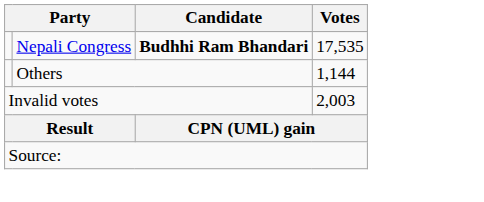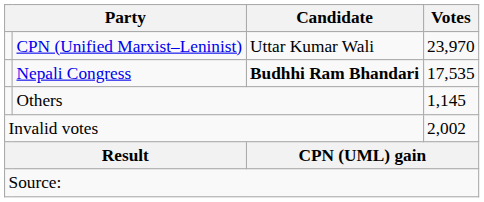 <table class="wikitable">
 <tr>
 <th colspan="2">Party</th>
 <th>Candidate</th>
 <th>Votes</th>
+</tr>
+<tr>
+<td style="background-color:"></td>
+<td><a href='#'>CPN (Unified Marxist–Leninist)</a></td>
+<td>Uttar Kumar Wali</td>
+<td>23,970</td>
 </tr>
 <tr>
 <td style="background-color:"></td>
 <td><a href='#'>Nepali Congress</a></td>
 <td><strong>Budhhi Ram Bhandari</strong></td>
 <td>17,535</td>
 </tr>
 <tr>
 <td></td>
 <td colspan="2">Others</td>
-<td>1,144</td>
+<td>1,145</td>
 </tr>
 <tr>
 <td colspan="3">Invalid votes</td>
-<td>2,003</td>
+<td>2,002</td>
 </tr>
 <tr>
 <th colspan="2">Result</th>
 <th colspan="2">CPN (UML) gain</th>
 </tr>
 <tr>
 <td colspan="4">Source: </td>
 </tr>
 </table>
